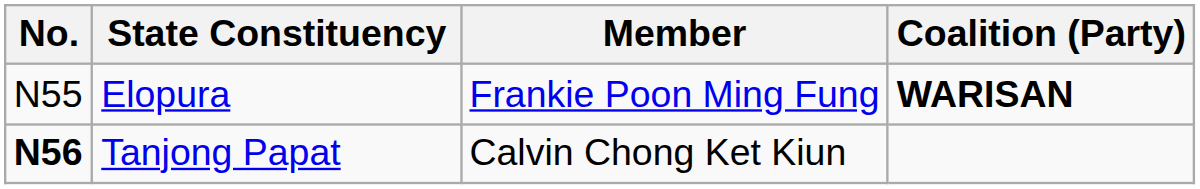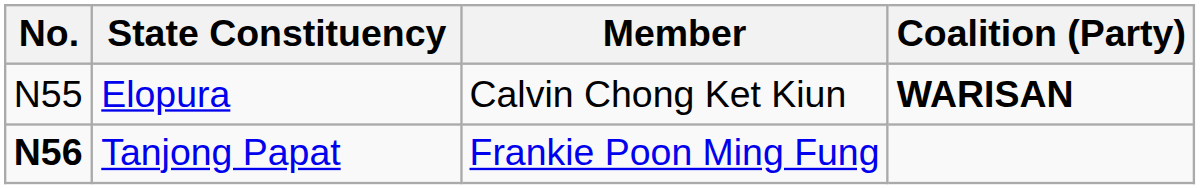 <table class="wikitable sortable">
 <tr>
 <th width="30">No.</th>
 <th width="150">State Constituency</th>
 <th>Member</th>
 <th>Coalition (Party)</th>
 </tr>
 <tr>
 <td>N55</td>
 <td><a href='#'>Elopura</a></td>
-<td><a href='#'>Frankie Poon Ming Fung</a></td>
+<td>Calvin Chong Ket Kiun</td>
 <td><strong>WARISAN</strong></td>
 </tr>
 <tr>
 <td><strong>N56</strong></td>
 <td><a href='#'>Tanjong Papat</a></td>
-<td>Calvin Chong Ket Kiun</td>
+<td><a href='#'>Frankie Poon Ming Fung</a></td>
 <td></td>
 </tr>
 </table>
